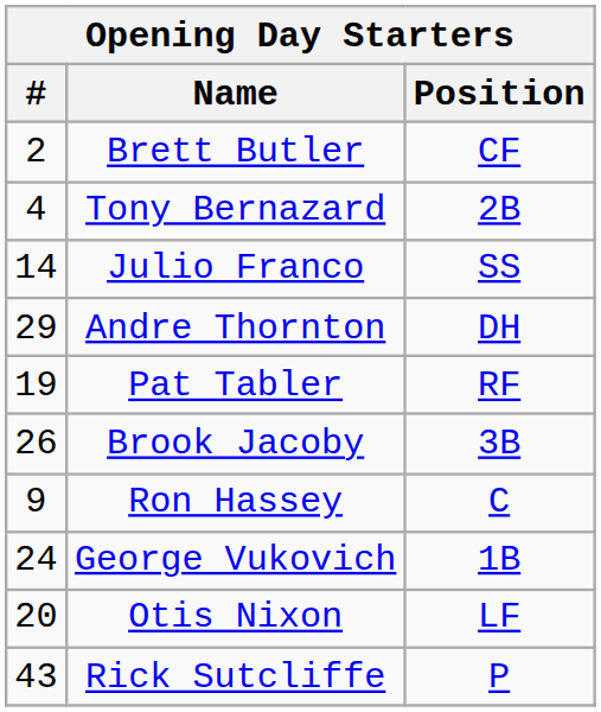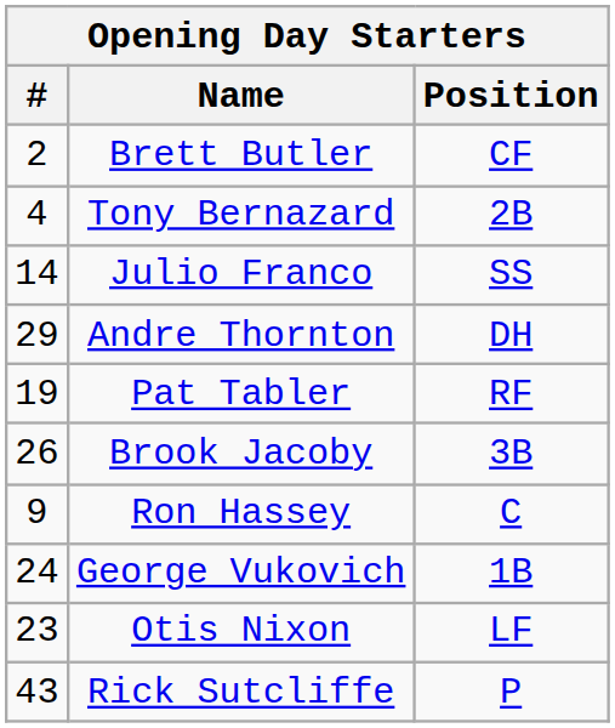 <table class="wikitable" style="text-align:center">
 <tr>
 <th colspan="3">Opening Day Starters</th>
 </tr>
 <tr>
 <th>#</th>
 <th>Name</th>
 <th>Position</th>
 </tr>
 <tr>
 <td>2</td>
 <td><a href='#'>Brett Butler</a></td>
 <td><a href='#'>CF</a></td>
 </tr>
 <tr>
 <td>4</td>
 <td><a href='#'>Tony Bernazard</a></td>
 <td><a href='#'>2B</a></td>
 </tr>
 <tr>
 <td>14</td>
 <td><a href='#'>Julio Franco</a></td>
 <td><a href='#'>SS</a></td>
 </tr>
 <tr>
 <td>29</td>
 <td><a href='#'>Andre Thornton</a></td>
 <td><a href='#'>DH</a></td>
 </tr>
 <tr>
 <td>19</td>
 <td><a href='#'>Pat Tabler</a></td>
 <td><a href='#'>RF</a></td>
 </tr>
 <tr>
 <td>26</td>
 <td><a href='#'>Brook Jacoby</a></td>
 <td><a href='#'>3B</a></td>
 </tr>
 <tr>
 <td>9</td>
 <td><a href='#'>Ron Hassey</a></td>
 <td><a href='#'>C</a></td>
 </tr>
 <tr>
 <td>24</td>
 <td><a href='#'>George Vukovich</a></td>
 <td><a href='#'>1B</a></td>
 </tr>
 <tr>
-<td>20</td>
+<td>23</td>
 <td><a href='#'>Otis Nixon</a></td>
 <td><a href='#'>LF</a></td>
 </tr>
 <tr>
 <td>43</td>
 <td><a href='#'>Rick Sutcliffe</a></td>
 <td><a href='#'>P</a></td>
 </tr>
 </table>
